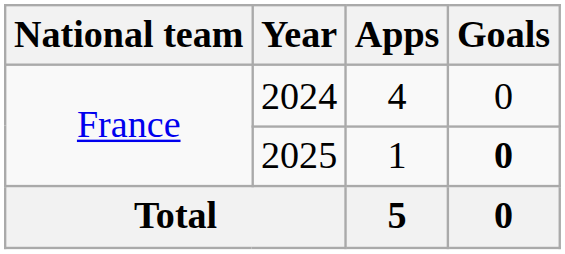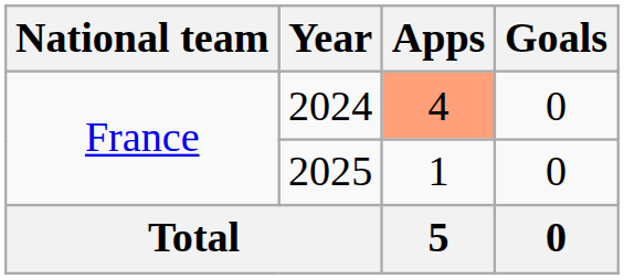 <table class="wikitable" style="text-align:center">
 <tr>
 <th>National team</th>
 <th>Year</th>
 <th>Apps</th>
 <th>Goals</th>
 </tr>
 <tr>
 <td rowspan="2"><a href='#'>France</a></td>
 <td>2024</td>
-<td>4</td>
+<td style="background: lightsalmon;">4</td>
 <td>0</td>
 </tr>
 <tr>
 <td>2025</td>
 <td>1</td>
-<td><strong>0</strong></td>
+<td>0</td>
 </tr>
 <tr>
 <th colspan="2">Total</th>
 <th>5</th>
 <th>0</th>
 </tr>
 </table>
